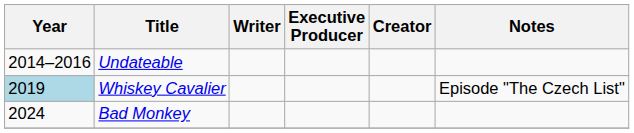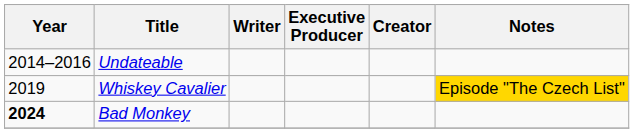 <table class="wikitable">
 <tr>
 <th>Year</th>
 <th>Title</th>
 <th>Writer</th>
 <th>Executive<br>Producer</th>
 <th>Creator</th>
 <th>Notes</th>
 </tr>
 <tr>
 <td>2014–2016</td>
 <td><em><a href='#'>Undateable</a></em></td>
 <td></td>
 <td></td>
 <td></td>
 <td></td>
 </tr>
 <tr>
-<td style="background: lightblue;">2019</td>
+<td>2019</td>
 <td><em><a href='#'>Whiskey Cavalier</a></em></td>
 <td></td>
 <td></td>
 <td></td>
-<td>Episode "The Czech List"</td>
+<td style="background: gold;">Episode "The Czech List"</td>
 </tr>
 <tr>
-<td>2024</td>
+<td><strong>2024</strong></td>
 <td><em><a href='#'>Bad Monkey</a></em></td>
 <td></td>
 <td></td>
 <td></td>
 <td></td>
 </tr>
 <tr>
 </tr>
 </table>
